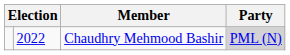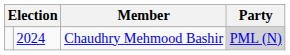 <table class="wikitable">
 <tr>
 <th colspan="2">Election</th>
 <th>Member</th>
 <th>Party</th>
 </tr>
 <tr>
 <td style="background-color: "></td>
-<td><a href='#'>2022</a></td>
+<td><a href='#'>2024</a></td>
 <td><a href='#'>Chaudhry Mehmood Bashir</a></td>
 <td style="background: lightgrey;"><a href='#'>PML (N)</a></td>
 </tr>
 </table>
